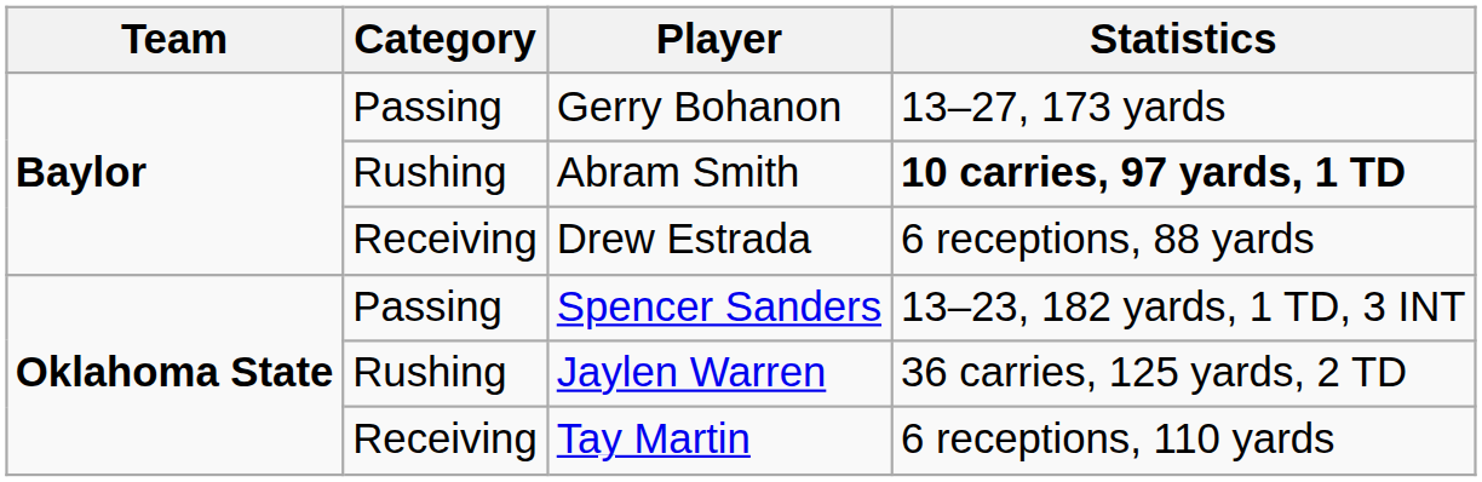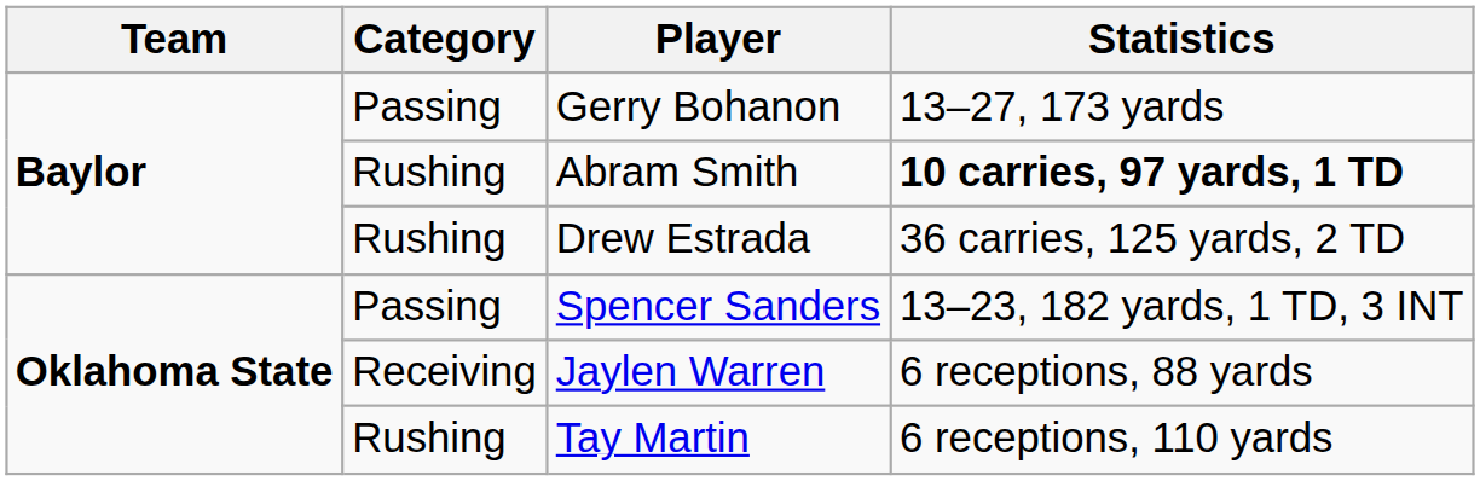 <table class="wikitable" style="float: right;">
 <tr>
 <th>Team</th>
 <th>Category</th>
 <th>Player</th>
 <th>Statistics</th>
 </tr>
 <tr>
 <td rowspan=3><strong>Baylor</strong></td>
 <td>Passing</td>
 <td>Gerry Bohanon</td>
 <td>13–27, 173 yards</td>
 </tr>
 <tr>
 <td>Rushing</td>
 <td>Abram Smith</td>
 <td><strong>10 carries, 97 yards, 1 TD</strong></td>
 </tr>
 <tr>
-<td>Receiving</td>
+<td>Rushing</td>
 <td>Drew Estrada</td>
-<td>6 receptions, 88 yards</td>
+<td>36 carries, 125 yards, 2 TD</td>
 </tr>
 <tr>
 <td rowspan=3><strong>Oklahoma State</strong></td>
 <td>Passing</td>
 <td><a href='#'>Spencer Sanders</a></td>
 <td>13–23, 182 yards, 1 TD, 3 INT</td>
 </tr>
 <tr>
-<td>Rushing</td>
+<td>Receiving</td>
 <td><a href='#'>Jaylen Warren</a></td>
-<td>36 carries, 125 yards, 2 TD</td>
+<td>6 receptions, 88 yards</td>
 </tr>
 <tr>
-<td>Receiving</td>
+<td>Rushing</td>
 <td><a href='#'>Tay Martin</a></td>
 <td>6 receptions, 110 yards</td>
 </tr>
 </table>
